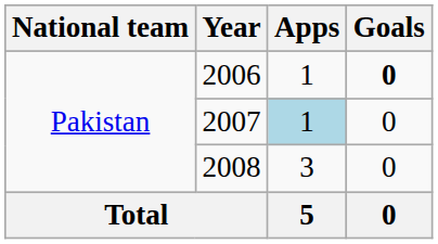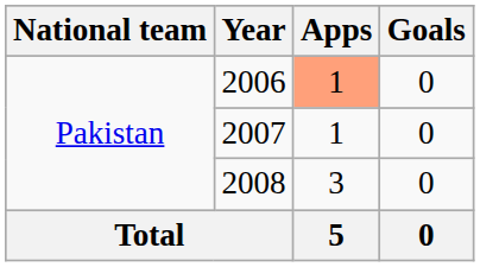 <table class="wikitable" style="text-align:center">
 <tr>
 <th>National team</th>
 <th>Year</th>
 <th>Apps</th>
 <th>Goals</th>
 </tr>
 <tr>
 <td rowspan="3"><a href='#'>Pakistan</a></td>
 <td>2006</td>
-<td>1</td>
-<td><strong>0</strong></td>
+<td style="background: lightsalmon;">1</td>
+<td>0</td>
 </tr>
 <tr>
 <td>2007</td>
-<td style="background: lightblue;">1</td>
+<td>1</td>
 <td>0</td>
 </tr>
 <tr>
 <td>2008</td>
 <td>3</td>
 <td>0</td>
 </tr>
 <tr>
 <th colspan="2">Total</th>
 <th>5</th>
 <th>0</th>
 </tr>
 </table>
